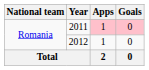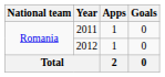 <table class="wikitable" style="text-align:center">
 <tr>
 <th>National team</th>
 <th>Year</th>
 <th>Apps</th>
 <th>Goals</th>
 </tr>
 <tr>
 <td rowspan="2"><a href='#'>Romania</a></td>
 <td>2011</td>
-<td style="background: pink;">1</td>
-<td style="background: pink;">0</td>
+<td>1</td>
+<td>0</td>
 </tr>
 <tr>
 <td>2012</td>
 <td>1</td>
 <td>0</td>
 </tr>
 <tr>
 <th colspan="2">Total</th>
 <th>2</th>
 <th>0</th>
 </tr>
 </table>
